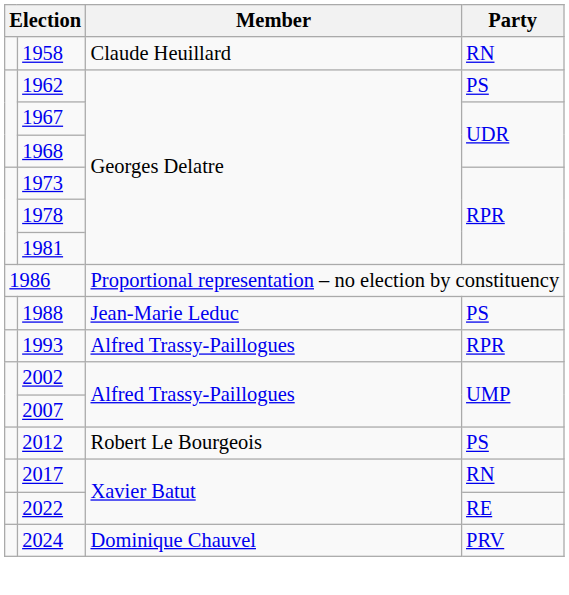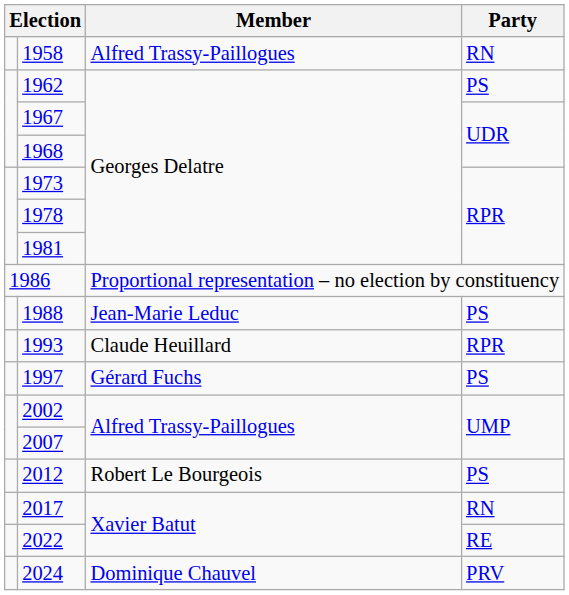 <table class="wikitable">
 <tr>
 <th colspan=2>Election</th>
 <th>Member</th>
 <th>Party</th>
 </tr>
 <tr>
 <td style="background-color: "></td>
 <td><a href='#'>1958</a></td>
-<td>Claude Heuillard</td>
+<td><a href='#'>Alfred Trassy-Paillogues</a></td>
 <td><a href='#'>RN</a></td>
 </tr>
 <tr>
 <td rowspan="3" style="background-color: "></td>
 <td><a href='#'>1962</a></td>
 <td rowspan="6">Georges Delatre</td>
 <td><a href='#'>PS</a></td>
 </tr>
 <tr>
 <td><a href='#'>1967</a></td>
 <td rowspan="2"><a href='#'>UDR</a></td>
 </tr>
 <tr>
 <td><a href='#'>1968</a></td>
 </tr>
 <tr>
 <td rowspan="3" style="background-color: "></td>
 <td><a href='#'>1973</a></td>
 <td rowspan="3"><a href='#'>RPR</a></td>
 </tr>
 <tr>
 <td><a href='#'>1978</a></td>
 </tr>
 <tr>
 <td><a href='#'>1981</a></td>
 </tr>
 <tr>
 <td colspan="2"><a href='#'>1986</a></td>
 <td colspan="2"><a href='#'>Proportional representation</a> – no election by constituency</td>
 </tr>
 <tr>
 <td style="background-color: "></td>
 <td><a href='#'>1988</a></td>
 <td><a href='#'>Jean-Marie Leduc</a></td>
 <td><a href='#'>PS</a></td>
 </tr>
 <tr>
 <td style="background-color: "></td>
 <td><a href='#'>1993</a></td>
-<td><a href='#'>Alfred Trassy-Paillogues</a></td>
+<td>Claude Heuillard</td>
 <td><a href='#'>RPR</a></td>
+</tr>
+<tr>
+<td style="background-color: "></td>
+<td><a href='#'>1997</a></td>
+<td><a href='#'>Gérard Fuchs</a></td>
+<td><a href='#'>PS</a></td>
 </tr>
 <tr>
 <td rowspan="2" style="background-color: "></td>
 <td><a href='#'>2002</a></td>
 <td rowspan="2"><a href='#'>Alfred Trassy-Paillogues</a></td>
 <td rowspan="2"><a href='#'>UMP</a></td>
 </tr>
 <tr>
 <td><a href='#'>2007</a></td>
 </tr>
 <tr>
 <td style="background-color: "></td>
 <td><a href='#'>2012</a></td>
 <td>Robert Le Bourgeois</td>
 <td><a href='#'>PS</a></td>
 </tr>
 <tr>
 <td style="background-color: "></td>
 <td><a href='#'>2017</a></td>
 <td rowspan="2"><a href='#'>Xavier Batut</a></td>
 <td><a href='#'>RN</a></td>
 </tr>
 <tr>
 <td style="background-color: "></td>
 <td><a href='#'>2022</a></td>
 <td><a href='#'>RE</a></td>
 </tr>
 <tr>
 <td style="background-color: "></td>
 <td><a href='#'>2024</a></td>
 <td><a href='#'>Dominique Chauvel</a></td>
 <td><a href='#'>PRV</a></td>
 </tr>
 </table>
